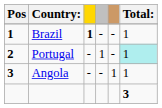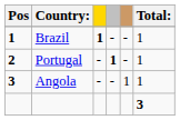 <table class="wikitable">
 <tr>
 <th>Pos</th>
 <th>Country:</th>
 <th style="background-color:gold"></th>
 <th style="background-color:silver"></th>
 <th style="background-color:#CC9966"></th>
 <th>Total:</th>
 </tr>
 <tr>
 </tr>
 <tr>
 <td><strong>1</strong></td>
 <td> <a href='#'>Brazil</a></td>
 <td><strong>1</strong></td>
 <td>-</td>
 <td>-</td>
 <td>1</td>
 </tr>
 <tr>
 <td><strong>2</strong></td>
 <td> <a href='#'>Portugal</a></td>
 <td>-</td>
+<td><strong>1</strong></td>
+<td>-</td>
 <td>1</td>
-<td>-</td>
-<td style="background: paleturquoise;">1</td>
 </tr>
 <tr>
 <td><strong>3</strong></td>
 <td> <a href='#'>Angola</a></td>
 <td>-</td>
 <td>-</td>
 <td>1</td>
 <td>1</td>
 </tr>
 <tr>
 <td></td>
 <td></td>
 <td><strong> </strong></td>
 <td><strong> </strong></td>
 <td><strong> </strong></td>
 <td><strong>3</strong></td>
 </tr>
 </table>
